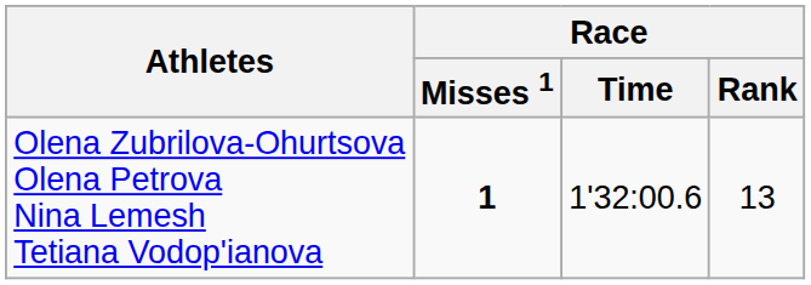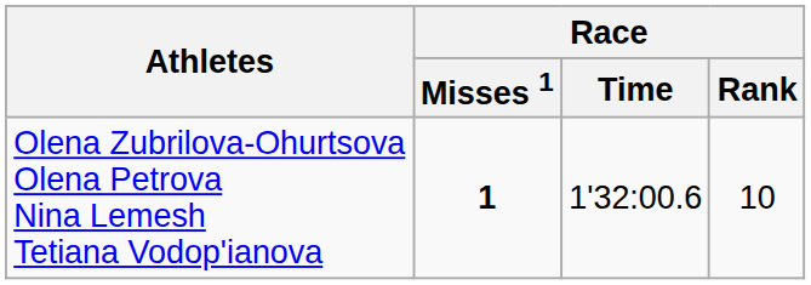 <table class="wikitable" border="1" style="font-size:90%">
 <tr>
 <th rowspan=2>Athletes</th>
 <th colspan=3>Race</th>
 </tr>
 <tr>
 <th>Misses <sup>1</sup></th>
 <th>Time</th>
 <th>Rank</th>
 </tr>
 <tr>
 <td><a href='#'>Olena Zubrilova-Ohurtsova</a><br><a href='#'>Olena Petrova</a><br><a href='#'>Nina Lemesh</a><br><a href='#'>Tetiana Vodop'ianova</a></td>
 <td align=center><strong>1</strong></td>
 <td align=center>1'32:00.6</td>
-<td align=center>13</td>
+<td align=center>10</td>
 </tr>
 </table>
